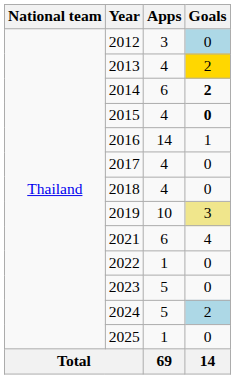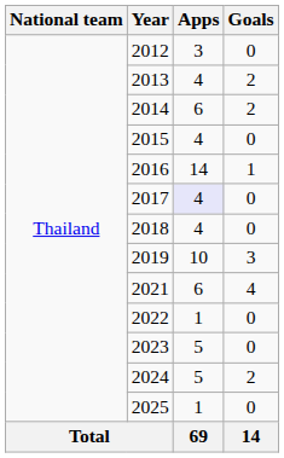 <table class="wikitable" style="text-align:center">
 <tr>
 <th>National team</th>
 <th>Year</th>
 <th>Apps</th>
 <th>Goals</th>
 </tr>
 <tr>
 <td rowspan="13"><a href='#'>Thailand</a></td>
 <td>2012</td>
 <td>3</td>
-<td style="background: lightblue;">0</td>
+<td>0</td>
 </tr>
 <tr>
 <td>2013</td>
 <td>4</td>
-<td style="background: gold;">2</td>
+<td>2</td>
 </tr>
 <tr>
 <td>2014</td>
 <td>6</td>
-<td><strong>2</strong></td>
+<td>2</td>
 </tr>
 <tr>
 <td>2015</td>
 <td>4</td>
-<td><strong>0</strong></td>
+<td>0</td>
 </tr>
 <tr>
 <td>2016</td>
 <td>14</td>
 <td>1</td>
 </tr>
 <tr>
 <td>2017</td>
-<td>4</td>
+<td style="background: lavender;">4</td>
 <td>0</td>
 </tr>
 <tr>
 <td>2018</td>
 <td>4</td>
 <td>0</td>
 </tr>
 <tr>
 <td>2019</td>
 <td>10</td>
-<td style="background: khaki;">3</td>
+<td>3</td>
 </tr>
 <tr>
 <td>2021</td>
 <td>6</td>
 <td>4</td>
 </tr>
 <tr>
 <td>2022</td>
 <td>1</td>
 <td>0</td>
 </tr>
 <tr>
 <td>2023</td>
 <td>5</td>
 <td>0</td>
 </tr>
 <tr>
 <td>2024</td>
 <td>5</td>
-<td style="background: lightblue;">2</td>
+<td>2</td>
 </tr>
 <tr>
 <td>2025</td>
 <td>1</td>
 <td>0</td>
 </tr>
 <tr>
 <th colspan="2">Total</th>
 <th>69</th>
 <th>14</th>
 </tr>
 </table>
